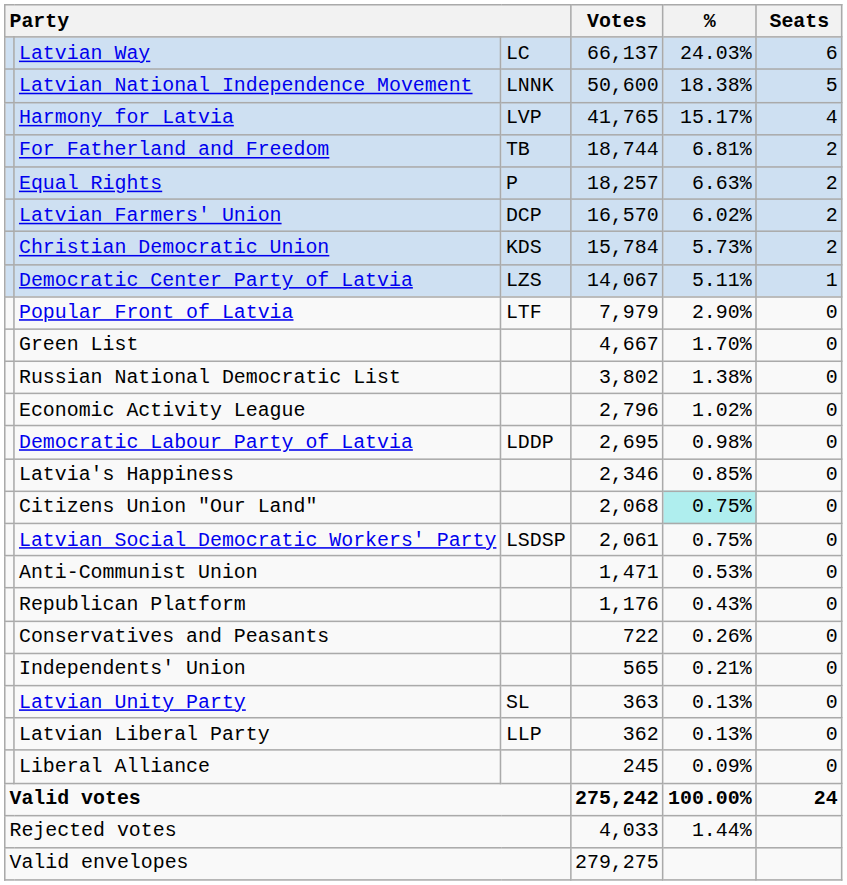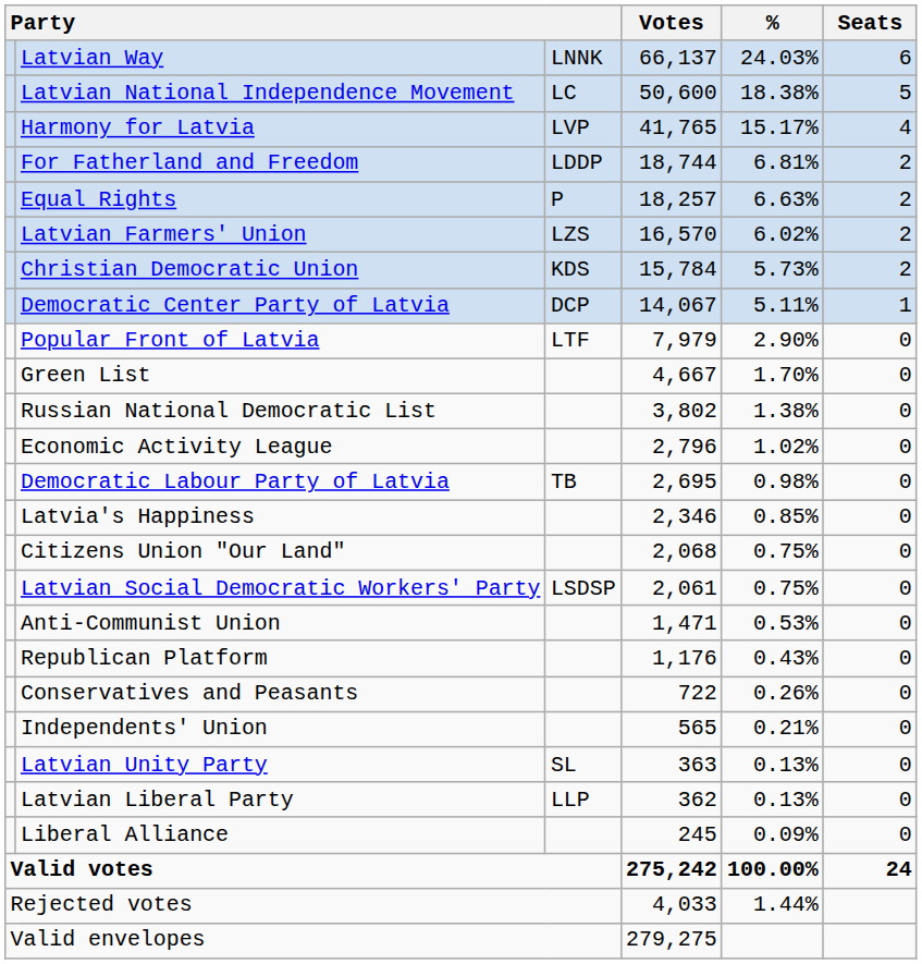 <table class="wikitable" border="1" style="text-align:right;">
 <tr>
 <th style="text-align:left;" colspan=3>Party</th>
 <th align=center width="50">Votes</th>
 <th align=center width="50">%</th>
 <th align=center width="50">Seats</th>
 </tr>
 <tr style="background:#CEE0F2;">
 <td></td>
 <td align=left><a href='#'>Latvian Way</a></td>
-<td align=left>LC</td>
+<td align=left>LNNK</td>
 <td>66,137</td>
 <td>24.03%</td>
 <td>6</td>
 </tr>
 <tr style="background:#CEE0F2;">
 <td></td>
 <td align=left><a href='#'>Latvian National Independence Movement</a></td>
-<td align=left>LNNK</td>
+<td align=left>LC</td>
 <td>50,600</td>
 <td>18.38%</td>
 <td>5</td>
 </tr>
 <tr style="background:#CEE0F2;">
 <td></td>
 <td align=left><a href='#'>Harmony for Latvia</a></td>
 <td align=left>LVP</td>
 <td>41,765</td>
 <td>15.17%</td>
 <td>4</td>
 </tr>
 <tr style="background:#CEE0F2;">
 <td></td>
 <td align=left><a href='#'>For Fatherland and Freedom</a></td>
-<td align=left>TB</td>
+<td align=left>LDDP</td>
 <td>18,744</td>
 <td>6.81%</td>
 <td>2</td>
 </tr>
 <tr style="background:#CEE0F2;">
 <td></td>
 <td align=left><a href='#'>Equal Rights</a></td>
 <td align=left>Р</td>
 <td>18,257</td>
 <td>6.63%</td>
 <td>2</td>
 </tr>
 <tr style="background:#CEE0F2;">
 <td></td>
 <td align=left><a href='#'>Latvian Farmers' Union</a></td>
-<td align=left>DCP</td>
+<td align=left>LZS</td>
 <td>16,570</td>
 <td>6.02%</td>
 <td>2</td>
 </tr>
 <tr style="background:#CEE0F2;">
 <td></td>
 <td align=left><a href='#'>Christian Democratic Union</a></td>
 <td align=left>KDS</td>
 <td>15,784</td>
 <td>5.73%</td>
 <td>2</td>
 </tr>
 <tr style="background:#CEE0F2;">
 <td></td>
 <td align=left><a href='#'>Democratic Center Party of Latvia</a></td>
-<td align=left>LZS</td>
+<td align=left>DCP</td>
 <td>14,067</td>
 <td>5.11%</td>
 <td>1</td>
 </tr>
 <tr>
 <td></td>
 <td align=left><a href='#'>Popular Front of Latvia</a></td>
 <td align=left>LTF</td>
 <td>7,979</td>
 <td>2.90%</td>
 <td>0</td>
 </tr>
 <tr>
 <td></td>
 <td align=left>Green List</td>
 <td align=left></td>
 <td>4,667</td>
 <td>1.70%</td>
 <td>0</td>
 </tr>
 <tr>
 <td></td>
 <td align=left>Russian National Democratic List</td>
 <td align=left></td>
 <td>3,802</td>
 <td>1.38%</td>
 <td>0</td>
 </tr>
 <tr>
 <td></td>
 <td align=left>Economic Activity League</td>
 <td align=left></td>
 <td>2,796</td>
 <td>1.02%</td>
 <td>0</td>
 </tr>
 <tr>
 <td></td>
 <td align=left><a href='#'>Democratic Labour Party of Latvia</a></td>
-<td align=left>LDDP</td>
+<td align=left>TB</td>
 <td>2,695</td>
 <td>0.98%</td>
 <td>0</td>
 </tr>
 <tr>
 <td></td>
 <td align=left>Latvia's Happiness</td>
 <td align=left></td>
 <td>2,346</td>
 <td>0.85%</td>
 <td>0</td>
 </tr>
 <tr>
 <td></td>
 <td align=left>Citizens Union "Our Land"</td>
 <td align=left></td>
 <td>2,068</td>
-<td style="background: paleturquoise;">0.75%</td>
+<td>0.75%</td>
 <td>0</td>
 </tr>
 <tr>
 <td></td>
 <td align=left style="white-space: nowrap;"><a href='#'>Latvian Social Democratic Workers' Party</a></td>
 <td align=left>LSDSP</td>
 <td>2,061</td>
 <td>0.75%</td>
 <td>0</td>
 </tr>
 <tr>
 <td></td>
 <td align=left>Anti-Communist Union</td>
 <td align=left></td>
 <td>1,471</td>
 <td>0.53%</td>
 <td>0</td>
 </tr>
 <tr>
 <td></td>
 <td align=left>Republican Platform</td>
 <td align=left></td>
 <td>1,176</td>
 <td>0.43%</td>
 <td>0</td>
 </tr>
 <tr>
 <td></td>
 <td align=left>Conservatives and Peasants</td>
 <td align=left></td>
 <td>722</td>
 <td>0.26%</td>
 <td>0</td>
 </tr>
 <tr>
 <td></td>
 <td align=left>Independents' Union</td>
 <td align=left></td>
 <td>565</td>
 <td>0.21%</td>
 <td>0</td>
 </tr>
 <tr>
 <td></td>
 <td align=left><a href='#'>Latvian Unity Party</a></td>
 <td align=left>SL</td>
 <td>363</td>
 <td>0.13%</td>
 <td>0</td>
 </tr>
 <tr>
 <td></td>
 <td align=left>Latvian Liberal Party</td>
 <td align=left>LLP</td>
 <td>362</td>
 <td>0.13%</td>
 <td>0</td>
 </tr>
 <tr>
 <td></td>
 <td align=left>Liberal Alliance</td>
 <td align=left></td>
 <td>245</td>
 <td>0.09%</td>
 <td>0</td>
 </tr>
 <tr style="font-weight:bold">
 <td align=left colspan=3>Valid votes</td>
 <td>275,242</td>
 <td>100.00%</td>
 <td>24</td>
 </tr>
 <tr>
 <td align=left colspan=3>Rejected votes</td>
 <td>4,033</td>
 <td>1.44%</td>
 <td></td>
 </tr>
 <tr>
 <td align=left colspan=3>Valid envelopes</td>
 <td>279,275</td>
 <td></td>
 <td></td>
 </tr>
 </table>
